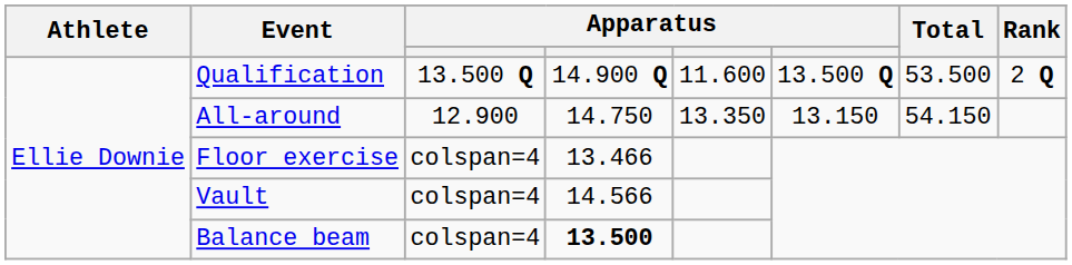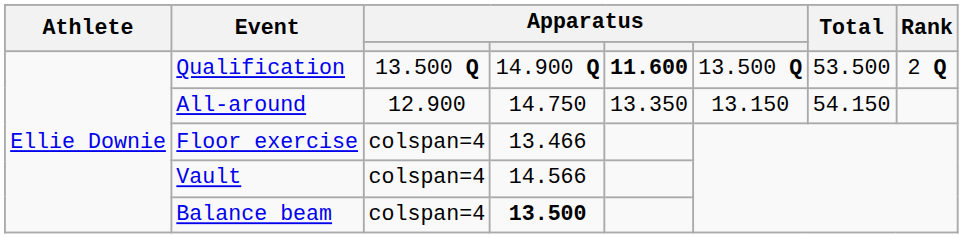 <table class="wikitable" style="font-size:90%">
 <tr>
 <th rowspan=2>Athlete</th>
 <th rowspan=2>Event</th>
 <th colspan =4>Apparatus</th>
 <th rowspan=2>Total</th>
 <th rowspan=2>Rank</th>
 </tr>
 <tr style="font-size:95%">
 <th></th>
 <th></th>
 <th></th>
 <th></th>
 </tr>
 <tr align=center>
 <td align=left rowspan=6><a href='#'>Ellie Downie</a></td>
 <td align=left><a href='#'>Qualification</a></td>
 <td>13.500 <strong>Q</strong></td>
 <td>14.900 <strong>Q</strong></td>
-<td>11.600</td>
+<td><strong>11.600</strong></td>
 <td>13.500 <strong>Q</strong></td>
 <td>53.500</td>
 <td>2 <strong>Q</strong></td>
 </tr>
 <tr align=center>
 <td align=left><a href='#'>All-around</a></td>
 <td>12.900</td>
 <td>14.750</td>
 <td>13.350</td>
 <td>13.150</td>
 <td>54.150</td>
 <td></td>
 </tr>
 <tr align=center>
 <td align=left><a href='#'>Floor exercise</a></td>
 <td>colspan=4 </td>
 <td>13.466</td>
 <td></td>
 </tr>
 <tr align=center>
 <td align=left><a href='#'>Vault</a></td>
 <td>colspan=4 </td>
 <td>14.566</td>
 <td></td>
 </tr>
 <tr align=center>
 <td align=left><a href='#'>Balance beam</a></td>
 <td>colspan=4 </td>
 <td><strong>13.500</strong></td>
 <td></td>
 </tr>
 </table>
